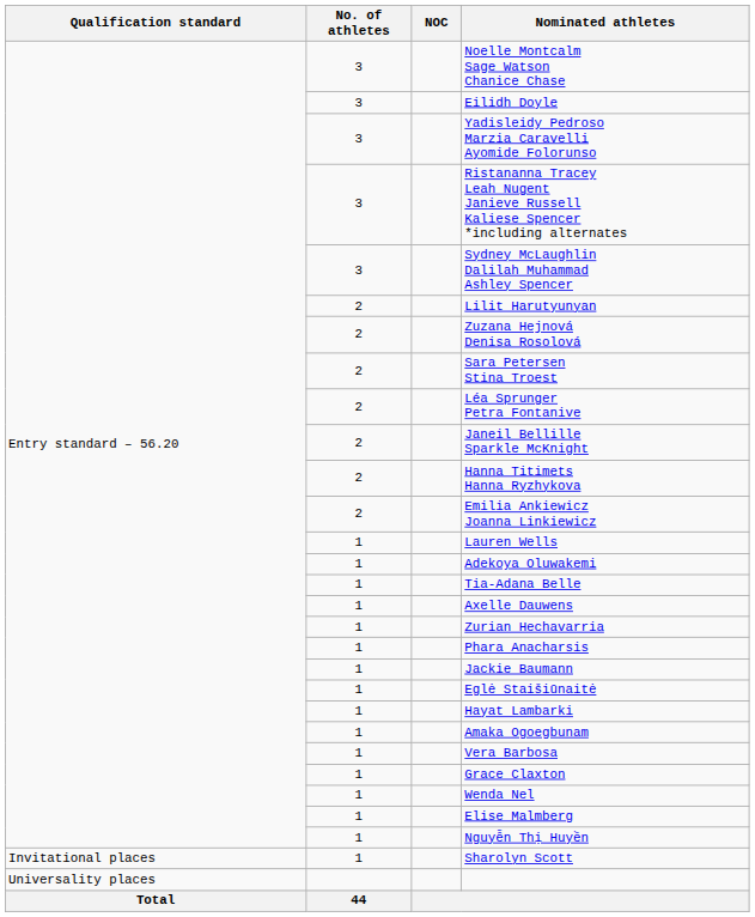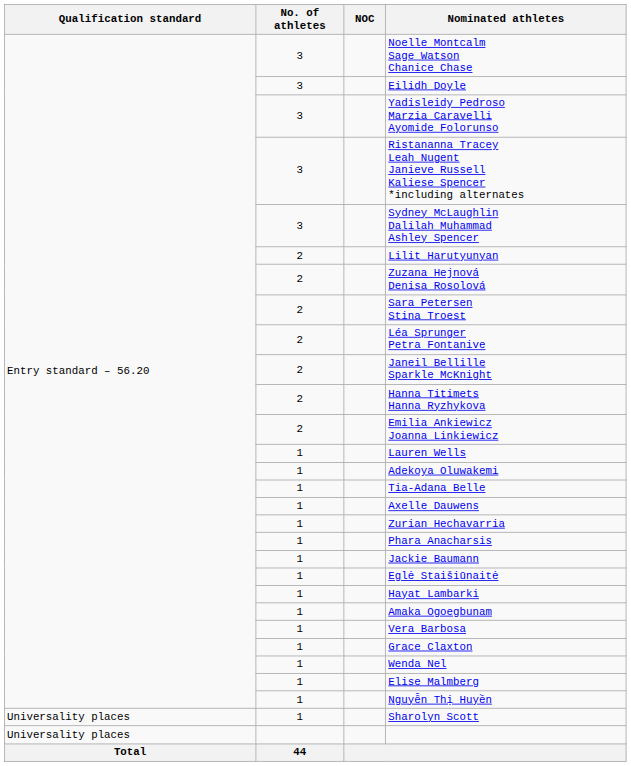 <table class="wikitable"  style="text-align:left; width:750px;">
 <tr>
 <th>Qualification standard</th>
 <th width=100>No. of athletes</th>
 <th>NOC</th>
 <th>Nominated athletes</th>
 </tr>
 <tr>
 <td rowspan=27>Entry standard – 56.20</td>
 <td style="text-align:center;">3</td>
 <td></td>
 <td><a href='#'>Noelle Montcalm</a><br><a href='#'>Sage Watson</a><br><a href='#'>Chanice Chase</a></td>
 </tr>
 <tr>
 <td style="text-align:center;">3</td>
 <td></td>
 <td><a href='#'>Eilidh Doyle</a></td>
 </tr>
 <tr>
 <td style="text-align:center;">3</td>
 <td></td>
 <td><a href='#'>Yadisleidy Pedroso</a><br><a href='#'>Marzia Caravelli</a><br><a href='#'>Ayomide Folorunso</a></td>
 </tr>
 <tr>
 <td style="text-align:center;">3</td>
 <td></td>
 <td><a href='#'>Ristananna Tracey</a><br><a href='#'>Leah Nugent</a><br><a href='#'>Janieve Russell</a><br><a href='#'>Kaliese Spencer</a><br>*including alternates</td>
 </tr>
 <tr>
 <td style="text-align:center;">3</td>
 <td></td>
 <td><a href='#'>Sydney McLaughlin</a><br><a href='#'>Dalilah Muhammad</a><br><a href='#'>Ashley Spencer</a></td>
 </tr>
 <tr>
 <td style="text-align:center;">2</td>
 <td></td>
 <td><a href='#'>Lilit Harutyunyan</a><br></td>
 </tr>
 <tr>
 <td style="text-align:center;">2</td>
 <td></td>
 <td><a href='#'>Zuzana Hejnová</a><br><a href='#'>Denisa Rosolová</a></td>
 </tr>
 <tr>
 <td style="text-align:center;">2</td>
 <td></td>
 <td><a href='#'>Sara Petersen</a><br><a href='#'>Stina Troest</a></td>
 </tr>
 <tr>
 <td style="text-align:center;">2</td>
 <td></td>
 <td><a href='#'>Léa Sprunger</a><br><a href='#'>Petra Fontanive</a></td>
 </tr>
 <tr>
 <td style="text-align:center;">2</td>
 <td></td>
 <td><a href='#'>Janeil Bellille</a><br><a href='#'>Sparkle McKnight</a></td>
 </tr>
 <tr>
 <td style="text-align:center;">2</td>
 <td></td>
 <td><a href='#'>Hanna Titimets</a><br><a href='#'>Hanna Ryzhykova</a></td>
 </tr>
 <tr>
 <td style="text-align:center;">2</td>
 <td></td>
 <td><a href='#'>Emilia Ankiewicz</a><br><a href='#'>Joanna Linkiewicz</a></td>
 </tr>
 <tr>
 <td style="text-align:center;">1</td>
 <td></td>
 <td><a href='#'>Lauren Wells</a></td>
 </tr>
 <tr>
 <td style="text-align:center;">1</td>
 <td></td>
 <td><a href='#'>Adekoya Oluwakemi</a></td>
 </tr>
 <tr>
 <td style="text-align:center;">1</td>
 <td></td>
 <td><a href='#'>Tia-Adana Belle</a></td>
 </tr>
 <tr>
 <td style="text-align:center;">1</td>
 <td></td>
 <td><a href='#'>Axelle Dauwens</a></td>
 </tr>
 <tr>
 <td style="text-align:center;">1</td>
 <td></td>
 <td><a href='#'>Zurian Hechavarria</a></td>
 </tr>
 <tr>
 <td style="text-align:center;">1</td>
 <td></td>
 <td><a href='#'>Phara Anacharsis</a></td>
 </tr>
 <tr>
 <td style="text-align:center;">1</td>
 <td></td>
 <td><a href='#'>Jackie Baumann</a></td>
 </tr>
 <tr>
 <td style="text-align:center;">1</td>
 <td></td>
 <td><a href='#'>Eglė Staišiūnaitė</a></td>
 </tr>
 <tr>
 <td style="text-align:center;">1</td>
 <td></td>
 <td><a href='#'>Hayat Lambarki</a></td>
 </tr>
 <tr>
 <td style="text-align:center;">1</td>
 <td></td>
 <td><a href='#'>Amaka Ogoegbunam</a></td>
 </tr>
 <tr>
 <td style="text-align:center;">1</td>
 <td></td>
 <td><a href='#'>Vera Barbosa</a></td>
 </tr>
 <tr>
 <td style="text-align:center;">1</td>
 <td></td>
 <td><a href='#'>Grace Claxton</a></td>
 </tr>
 <tr>
 <td style="text-align:center;">1</td>
 <td></td>
 <td><a href='#'>Wenda Nel</a></td>
 </tr>
 <tr>
 <td style="text-align:center;">1</td>
 <td></td>
 <td><a href='#'>Elise Malmberg</a></td>
 </tr>
 <tr>
 <td style="text-align:center;">1</td>
 <td></td>
 <td><a href='#'>Nguyễn Thị Huyền</a></td>
 </tr>
 <tr>
-<td>Invitational places</td>
+<td>Universality places</td>
 <td style="text-align:center;">1</td>
 <td></td>
 <td><a href='#'>Sharolyn Scott</a></td>
 </tr>
 <tr>
 <td>Universality places</td>
 <td></td>
 <td></td>
 <td></td>
 </tr>
 <tr>
 <th>Total</th>
 <th>44</th>
 <th colspan=2></th>
 </tr>
 </table>
